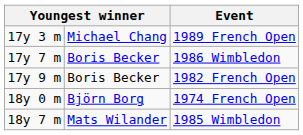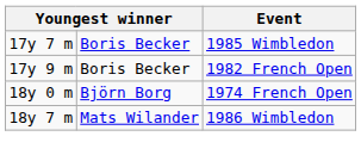 <table class="wikitable" style="display:inline-table;">
 <tr>
 <th colspan=2>Youngest winner</th>
 <th>Event</th>
 </tr>
 <tr>
-<td>17y 3 m</td>
-<td> <a href='#'>Michael Chang</a></td>
-<td><a href='#'>1989 French Open</a></td>
-</tr>
-<tr>
 <td>17y 7 m</td>
 <td> <a href='#'>Boris Becker</a></td>
-<td><a href='#'>1986 Wimbledon</a></td>
+<td><a href='#'>1985 Wimbledon</a></td>
 </tr>
 <tr>
 <td>17y 9 m</td>
 <td> Boris Becker</td>
 <td><a href='#'>1982 French Open</a></td>
 </tr>
 <tr>
 <td>18y 0 m</td>
 <td> <a href='#'>Björn Borg</a></td>
 <td><a href='#'>1974 French Open</a></td>
 </tr>
 <tr>
 <td>18y 7 m</td>
 <td> <a href='#'>Mats Wilander</a></td>
-<td><a href='#'>1985 Wimbledon</a></td>
+<td><a href='#'>1986 Wimbledon</a></td>
 </tr>
 </table>
